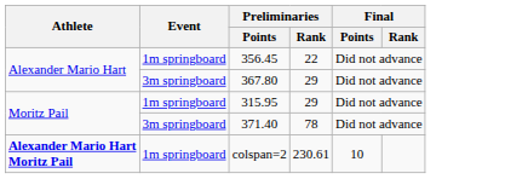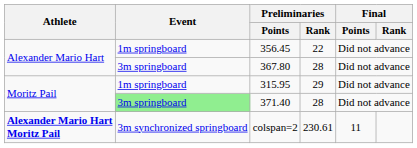 <table class=wikitable style="font-size:90%">
 <tr>
 <th rowspan="2">Athlete</th>
 <th rowspan="2">Event</th>
 <th colspan="2">Preliminaries</th>
 <th colspan="2">Final</th>
 </tr>
 <tr style="font-size:95%">
 <th>Points</th>
 <th>Rank</th>
 <th>Points</th>
 <th>Rank</th>
 </tr>
 <tr align=center>
 <td align=left rowspan=2><a href='#'>Alexander Mario Hart</a></td>
 <td align=left><a href='#'>1m springboard</a></td>
 <td>356.45</td>
 <td>22</td>
 <td colspan=2>Did not advance</td>
 </tr>
 <tr align=center>
 <td align=left><a href='#'>3m springboard</a></td>
 <td>367.80</td>
-<td>29</td>
+<td>28</td>
 <td colspan=2>Did not advance</td>
 </tr>
 <tr align=center>
 <td align=left rowspan=2><a href='#'>Moritz Pail</a></td>
 <td align=left><a href='#'>1m springboard</a></td>
 <td>315.95</td>
 <td>29</td>
 <td colspan=2>Did not advance</td>
 </tr>
 <tr align=center>
-<td align=left><a href='#'>3m springboard</a></td>
+<td align=left style="background: lightgreen;"><a href='#'>3m springboard</a></td>
 <td>371.40</td>
-<td>78</td>
+<td>28</td>
 <td colspan=2>Did not advance</td>
 </tr>
 <tr align=center>
 <td align=left><strong><a href='#'>Alexander Mario Hart</a><br><a href='#'>Moritz Pail</a></strong></td>
-<td align=left><a href='#'>1m springboard</a></td>
+<td align=left><a href='#'>3m synchronized springboard</a></td>
 <td>colspan=2 </td>
 <td>230.61</td>
-<td>10</td>
+<td>11</td>
 </tr>
 </table>
